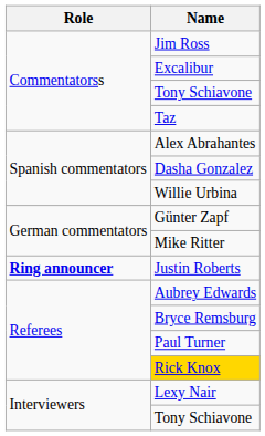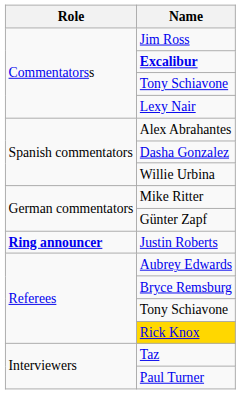 <table class=wikitable style="font-size:90%; margin: 0.5em 0 0.5em 1em; float: right; clear: right;">
 <tr>
 <th>Role</th>
 <th>Name</th>
 </tr>
 <tr>
 <td rowspan=4><a href='#'>Commentators</a>s</td>
 <td><a href='#'>Jim Ross</a> </td>
 </tr>
 <tr>
-<td><a href='#'>Excalibur</a> </td>
+<td><strong><a href='#'>Excalibur</a> </strong></td>
 </tr>
 <tr>
 <td><a href='#'>Tony Schiavone</a> </td>
 </tr>
 <tr>
-<td><a href='#'>Taz</a> </td>
+<td><a href='#'>Lexy Nair</a></td>
 </tr>
 <tr>
 <td rowspan=3>Spanish commentators</td>
 <td>Alex Abrahantes</td>
 </tr>
 <tr>
 <td><a href='#'>Dasha Gonzalez</a></td>
 </tr>
 <tr>
 <td>Willie Urbina</td>
 </tr>
 <tr>
 <td rowspan=2>German commentators</td>
-<td>Günter Zapf</td>
+<td>Mike Ritter</td>
 </tr>
 <tr>
-<td>Mike Ritter</td>
+<td>Günter Zapf</td>
 </tr>
 <tr>
 <td><strong><a href='#'>Ring announcer</a></strong></td>
 <td><a href='#'>Justin Roberts</a></td>
 </tr>
 <tr>
 <td rowspan=4><a href='#'>Referees</a></td>
 <td><a href='#'>Aubrey Edwards</a></td>
 </tr>
 <tr>
 <td><a href='#'>Bryce Remsburg</a></td>
 </tr>
 <tr>
-<td><a href='#'>Paul Turner</a></td>
+<td>Tony Schiavone</td>
 </tr>
 <tr>
 <td style="background: gold;"><a href='#'>Rick Knox</a></td>
 </tr>
 <tr>
 <td rowspan=2>Interviewers</td>
-<td><a href='#'>Lexy Nair</a></td>
+<td><a href='#'>Taz</a> </td>
 </tr>
 <tr>
-<td>Tony Schiavone</td>
+<td><a href='#'>Paul Turner</a></td>
 </tr>
 </table>
